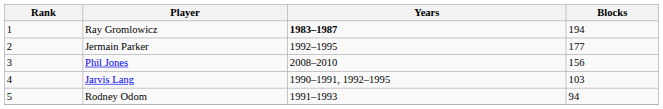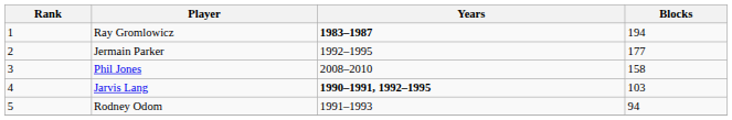 <table class="wikitable sortable" style="width: 50%">
 <tr>
 <th>Rank</th>
 <th>Player</th>
 <th>Years</th>
 <th>Blocks</th>
 </tr>
 <tr>
 <td>1</td>
 <td>Ray Gromlowicz</td>
 <td><strong>1983–1987</strong></td>
 <td>194</td>
 </tr>
 <tr>
 <td>2</td>
 <td>Jermain Parker</td>
 <td>1992–1995</td>
 <td>177</td>
 </tr>
 <tr>
 <td>3</td>
 <td><a href='#'>Phil Jones</a></td>
 <td>2008–2010</td>
-<td>156</td>
+<td>158</td>
 </tr>
 <tr>
 <td>4</td>
 <td><a href='#'>Jarvis Lang</a></td>
-<td>1990–1991, 1992–1995</td>
+<td><strong>1990–1991, 1992–1995</strong></td>
 <td>103</td>
 </tr>
 <tr>
 <td>5</td>
 <td>Rodney Odom</td>
 <td>1991–1993</td>
 <td>94</td>
 </tr>
 <tr>
 </tr>
 </table>
